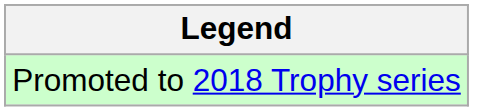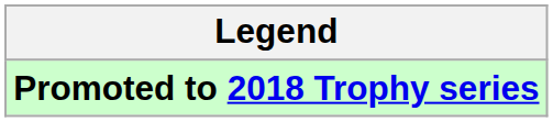 <table class="wikitable">
 <tr>
 <th>Legend</th>
 </tr>
 <tr bgcolor=ccffcc>
-<td>Promoted to <a href='#'>2018 Trophy series</a></td>
+<td><strong>Promoted to <a href='#'>2018 Trophy series</a></strong></td>
 </tr>
 </table>
